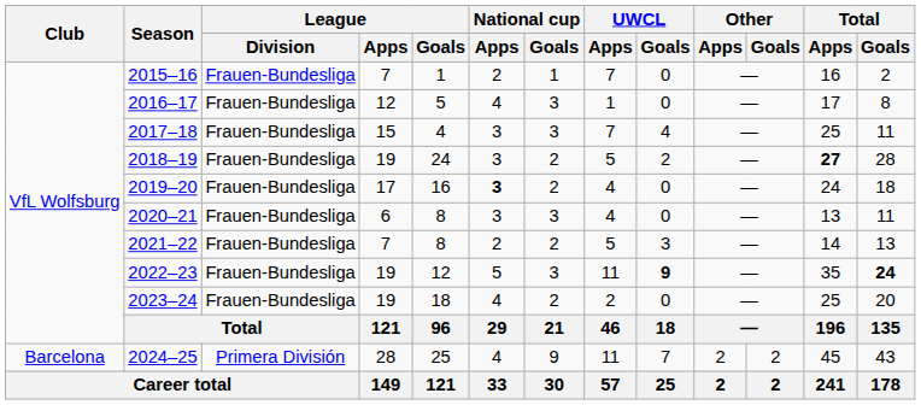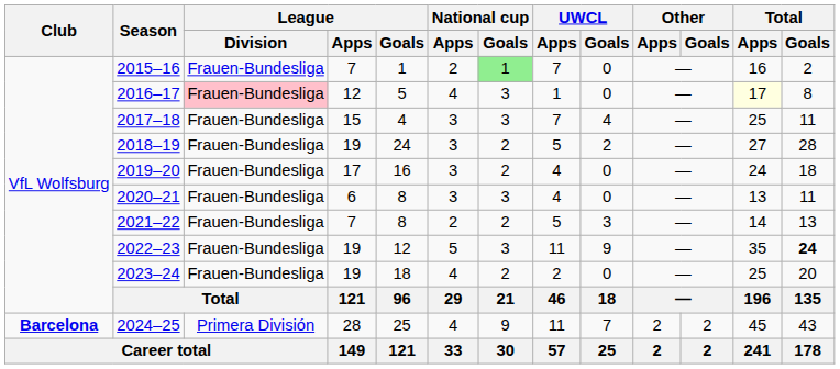 <table class="wikitable" style="text-align:center">
 <tr>
 <th rowspan="2">Club</th>
 <th rowspan="2">Season</th>
 <th colspan="3">League</th>
 <th colspan="2">National cup</th>
 <th colspan="2"><a href='#'>UWCL</a></th>
 <th colspan="2">Other</th>
 <th colspan="2">Total</th>
 </tr>
 <tr>
 <th>Division</th>
 <th>Apps</th>
 <th>Goals</th>
 <th>Apps</th>
 <th>Goals</th>
 <th>Apps</th>
 <th>Goals</th>
 <th>Apps</th>
 <th>Goals</th>
 <th>Apps</th>
 <th>Goals</th>
 </tr>
 <tr>
 <td rowspan="10"><a href='#'>VfL Wolfsburg</a></td>
 <td><a href='#'>2015–16</a></td>
 <td><a href='#'>Frauen-Bundesliga</a></td>
 <td>7</td>
 <td>1</td>
 <td>2</td>
-<td>1</td>
+<td style="background: lightgreen;">1</td>
 <td>7</td>
 <td>0</td>
 <td colspan="2">—</td>
 <td>16</td>
 <td>2</td>
 </tr>
 <tr>
 <td><a href='#'>2016–17</a></td>
-<td>Frauen-Bundesliga</td>
+<td style="background: pink;">Frauen-Bundesliga</td>
 <td>12</td>
 <td>5</td>
 <td>4</td>
 <td>3</td>
 <td>1</td>
 <td>0</td>
 <td colspan="2">—</td>
-<td>17</td>
+<td style="background: lightyellow;">17</td>
 <td>8</td>
 </tr>
 <tr>
 <td><a href='#'>2017–18</a></td>
 <td>Frauen-Bundesliga</td>
 <td>15</td>
 <td>4</td>
 <td>3</td>
 <td>3</td>
 <td>7</td>
 <td>4</td>
 <td colspan="2">—</td>
 <td>25</td>
 <td>11</td>
 </tr>
 <tr>
 <td><a href='#'>2018–19</a></td>
 <td>Frauen-Bundesliga</td>
 <td>19</td>
 <td>24</td>
 <td>3</td>
 <td>2</td>
 <td>5</td>
 <td>2</td>
 <td colspan="2">—</td>
-<td><strong>27</strong></td>
+<td>27</td>
 <td>28</td>
 </tr>
 <tr>
 <td><a href='#'>2019–20</a></td>
 <td>Frauen-Bundesliga</td>
 <td>17</td>
 <td>16</td>
-<td><strong>3</strong></td>
+<td>3</td>
 <td>2</td>
 <td>4</td>
 <td>0</td>
 <td colspan="2">—</td>
 <td>24</td>
 <td>18</td>
 </tr>
 <tr>
 <td><a href='#'>2020–21</a></td>
 <td>Frauen-Bundesliga</td>
 <td>6</td>
 <td>8</td>
 <td>3</td>
 <td>3</td>
 <td>4</td>
 <td>0</td>
 <td colspan="2">—</td>
 <td>13</td>
 <td>11</td>
 </tr>
 <tr>
 <td><a href='#'>2021–22</a></td>
 <td>Frauen-Bundesliga</td>
 <td>7</td>
 <td>8</td>
 <td>2</td>
 <td>2</td>
 <td>5</td>
 <td>3</td>
 <td colspan="2">—</td>
 <td>14</td>
 <td>13</td>
 </tr>
 <tr>
 <td><a href='#'>2022–23</a></td>
 <td>Frauen-Bundesliga</td>
 <td>19</td>
 <td>12</td>
 <td>5</td>
 <td>3</td>
 <td>11</td>
-<td><strong>9</strong></td>
+<td>9</td>
 <td colspan="2">—</td>
 <td>35</td>
 <td><strong>24</strong></td>
 </tr>
 <tr>
 <td><a href='#'>2023–24</a></td>
 <td>Frauen-Bundesliga</td>
 <td>19</td>
 <td>18</td>
 <td>4</td>
 <td>2</td>
 <td>2</td>
 <td>0</td>
 <td colspan="2">—</td>
 <td>25</td>
 <td>20</td>
 </tr>
 <tr>
 <th colspan="2">Total</th>
 <th>121</th>
 <th>96</th>
 <th>29</th>
 <th>21</th>
 <th>46</th>
 <th>18</th>
 <th colspan="2">—</th>
 <th>196</th>
 <th>135</th>
 </tr>
 <tr>
-<td><a href='#'>Barcelona</a></td>
+<td><strong><a href='#'>Barcelona</a></strong></td>
 <td><a href='#'>2024–25</a></td>
 <td><a href='#'>Primera División</a></td>
 <td>28</td>
 <td>25</td>
 <td>4</td>
 <td>9</td>
 <td>11</td>
 <td>7</td>
 <td>2</td>
 <td>2</td>
 <td>45</td>
 <td>43</td>
 </tr>
 <tr>
 <th colspan="3">Career total</th>
 <th>149</th>
 <th>121</th>
 <th>33</th>
 <th>30</th>
 <th>57</th>
 <th>25</th>
 <th>2</th>
 <th>2</th>
 <th>241</th>
 <th>178</th>
 </tr>
 </table>
